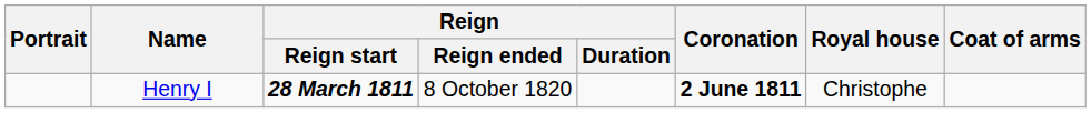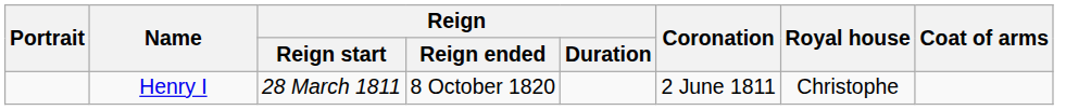 <table class="wikitable" style="text-align:center;">
 <tr>
 <th rowspan="2">Portrait</th>
 <th rowspan="2" width="120">Name<br></th>
 <th colspan="3">Reign</th>
 <th rowspan="2">Coronation</th>
 <th rowspan="2">Royal house</th>
 <th rowspan="2">Coat of arms</th>
 </tr>
 <tr>
 <th>Reign start</th>
 <th>Reign ended</th>
 <th>Duration</th>
 </tr>
 <tr>
 <td></td>
 <td><a href='#'>Henry I</a><br></td>
-<td><strong><em>28 March 1811</em></strong></td>
+<td><em>28 March 1811</em></td>
 <td>8 October 1820</td>
 <td></td>
-<td><strong>2 June 1811</strong></td>
+<td>2 June 1811</td>
 <td>Christophe</td>
 <td></td>
 </tr>
 </table>
